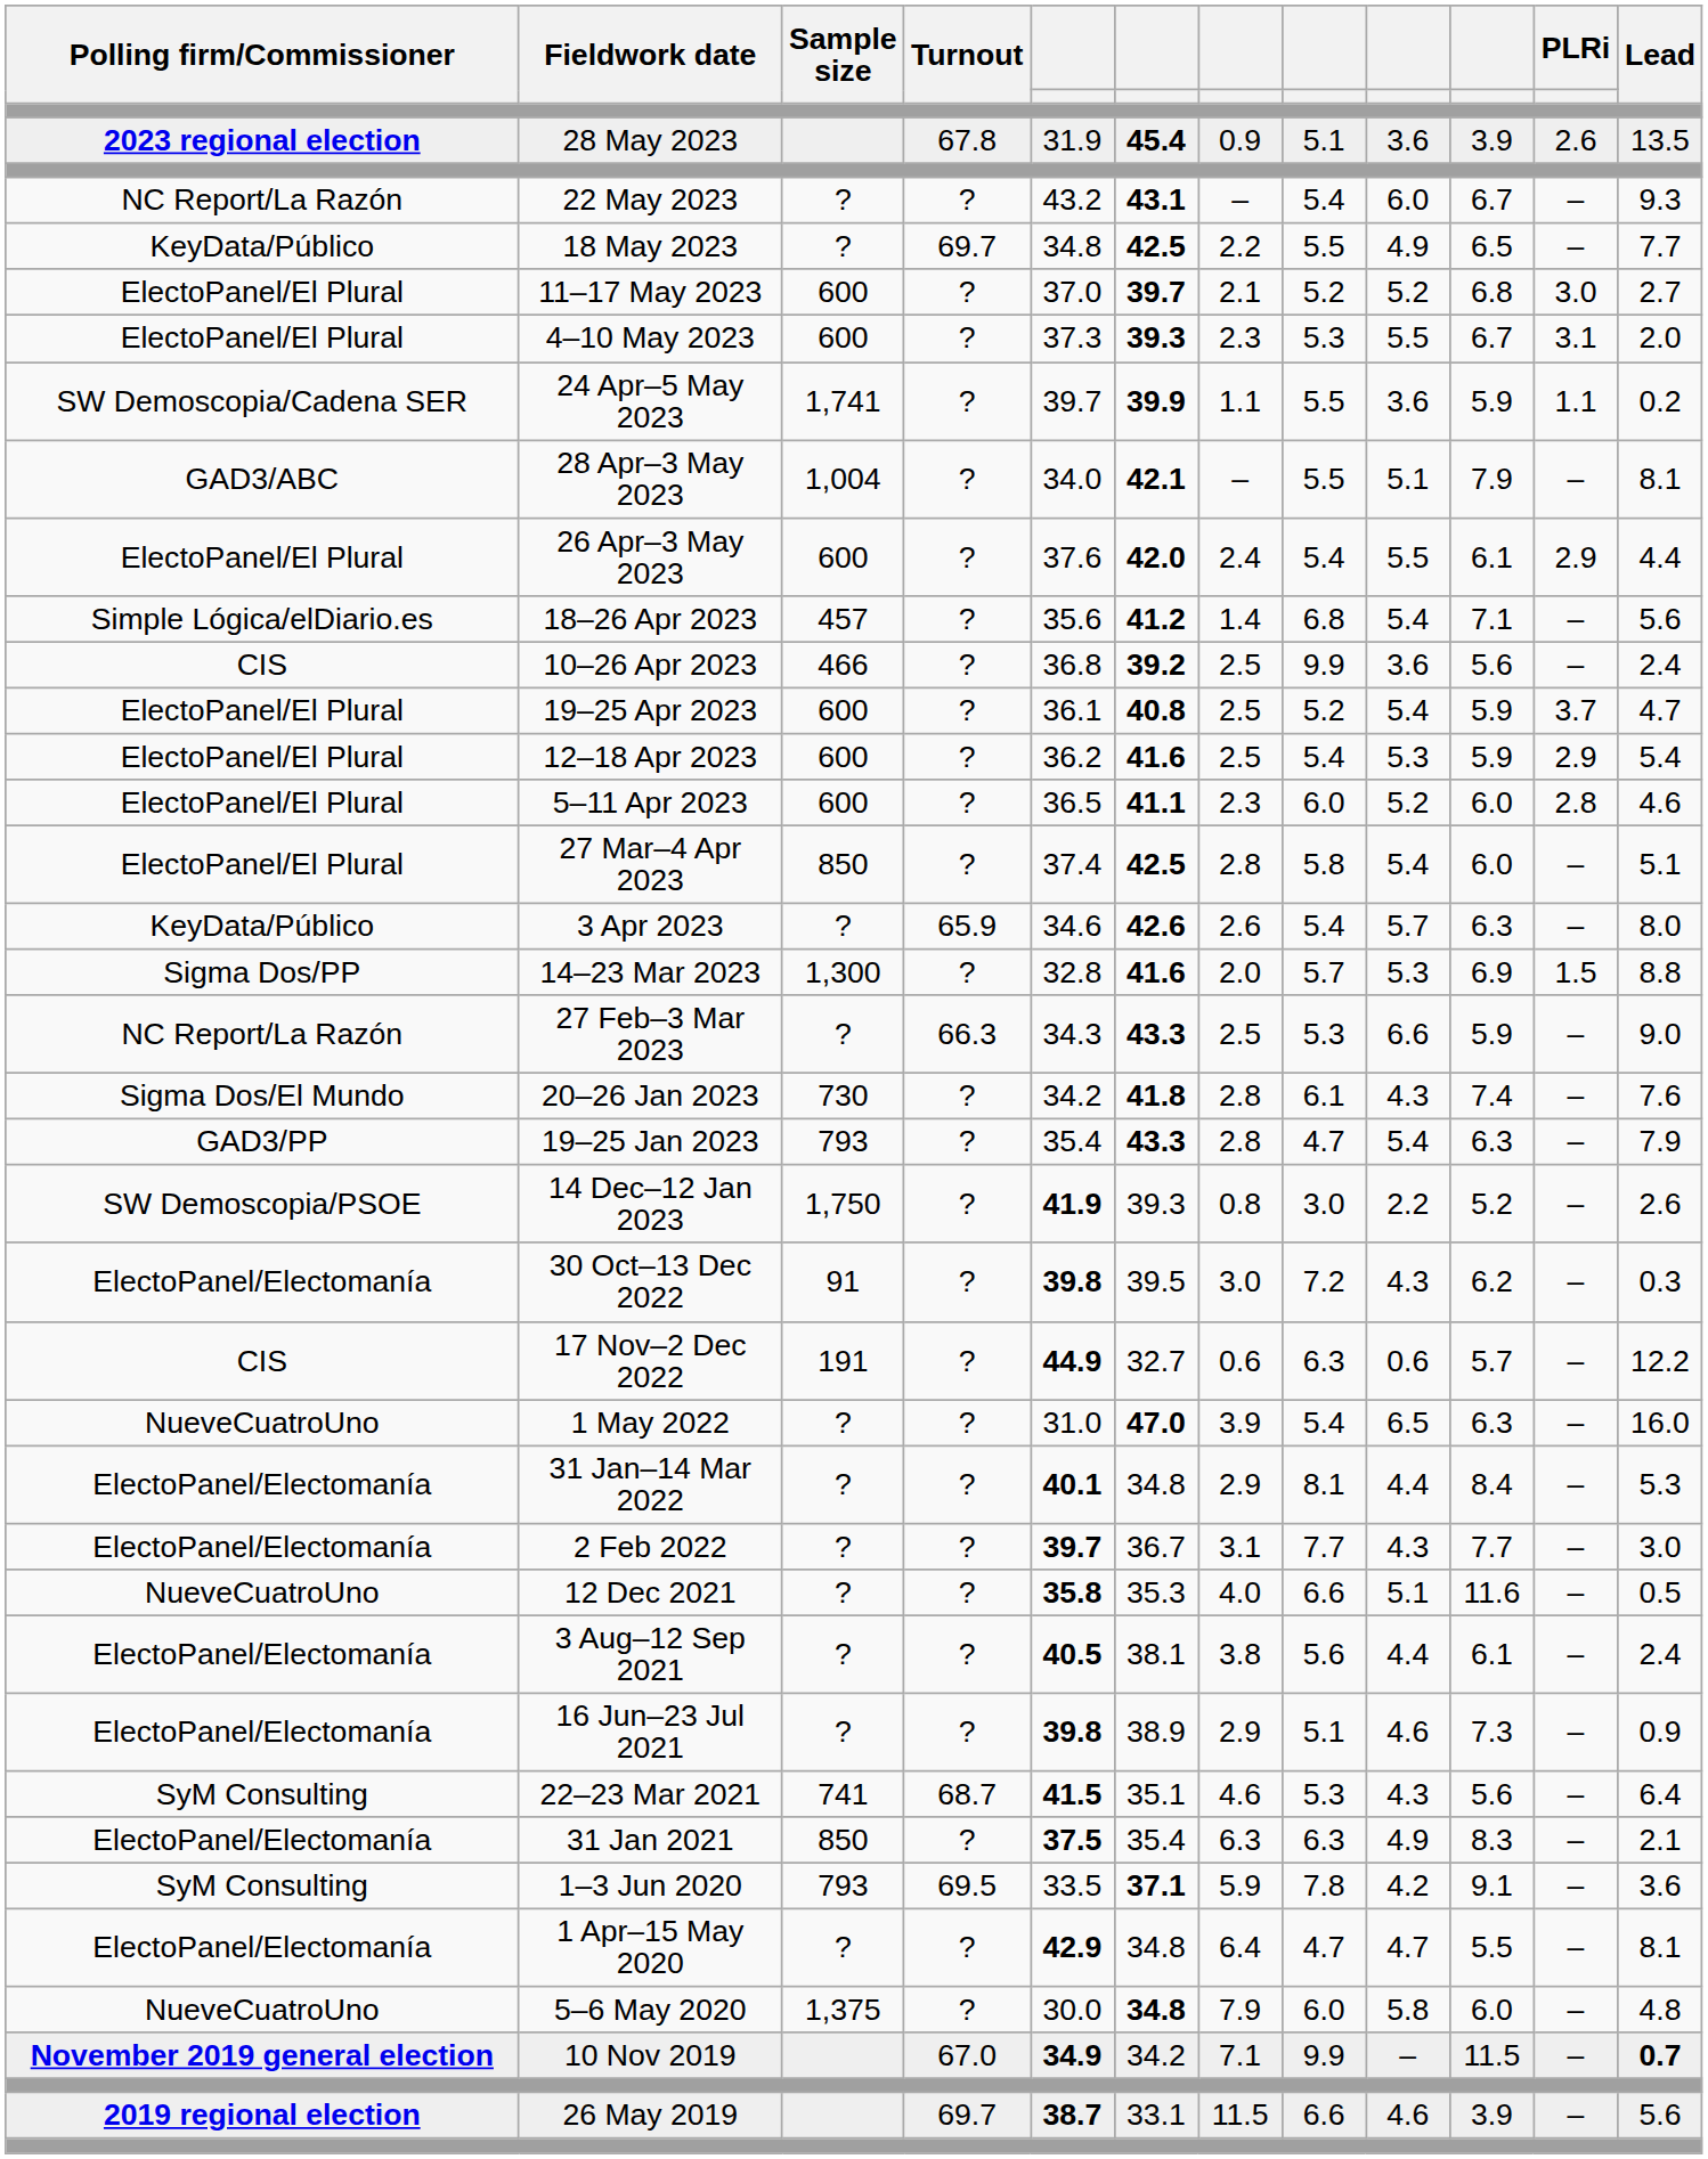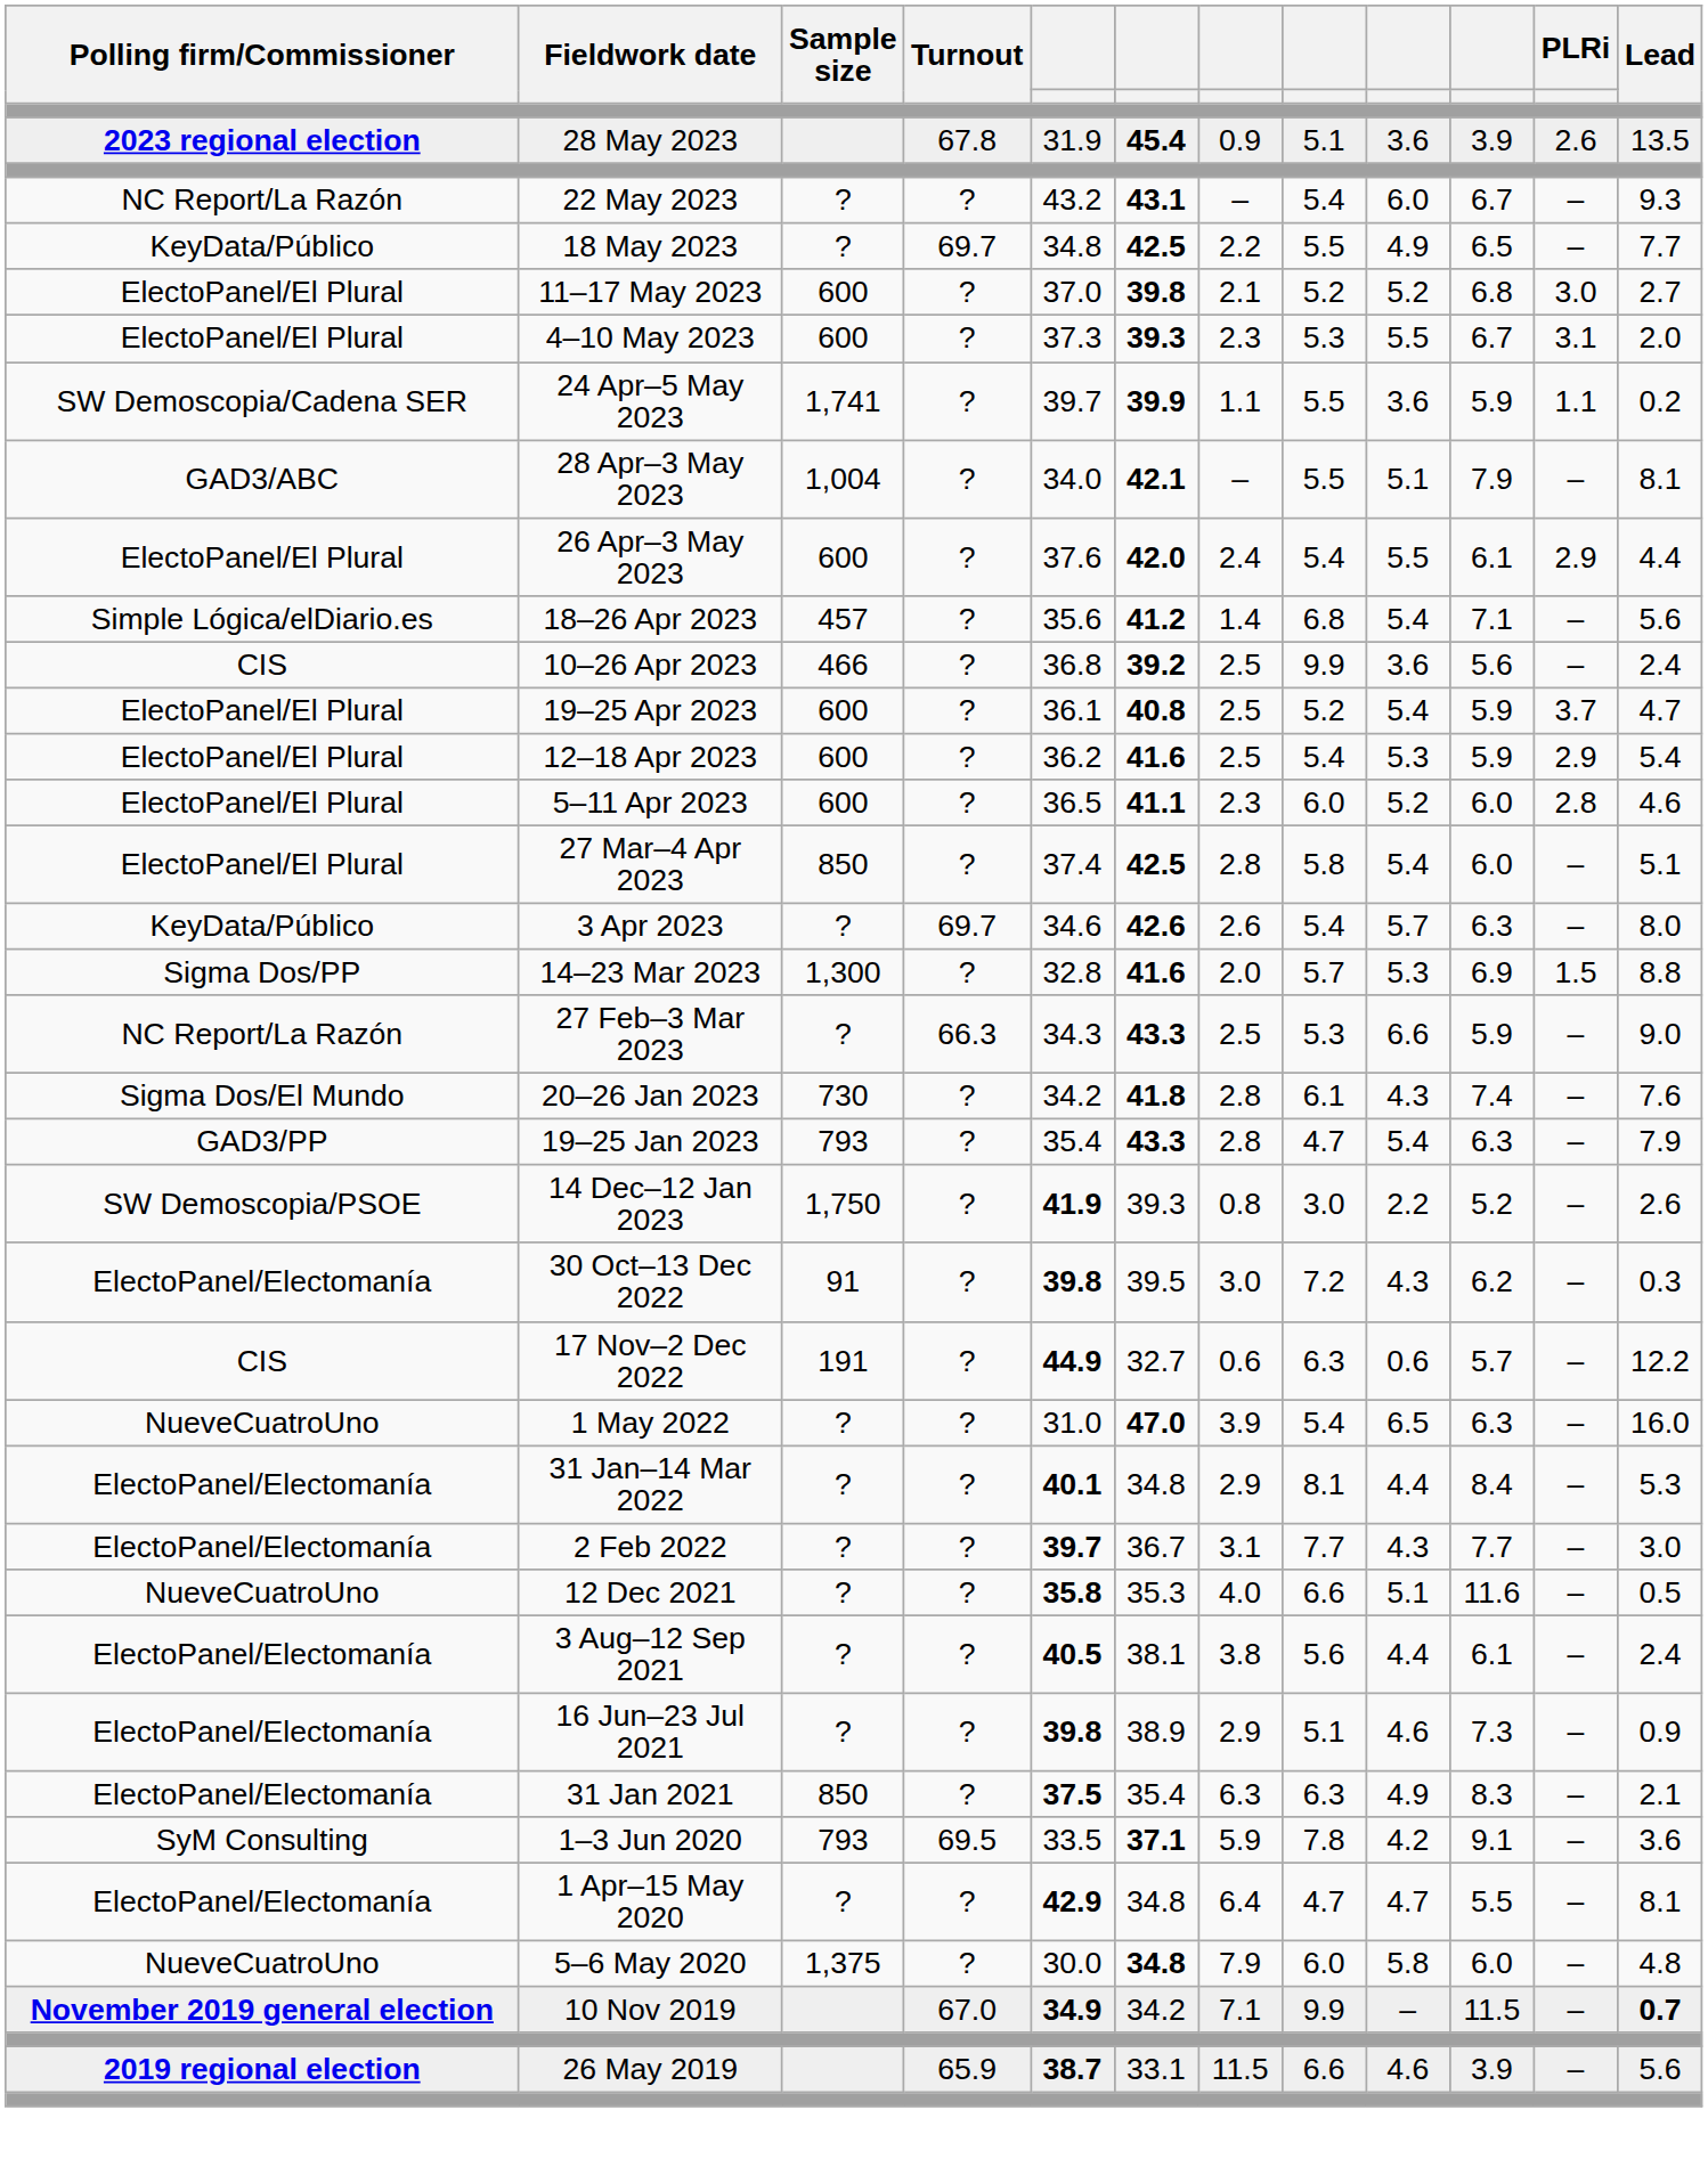 <table class="wikitable collapsible collapsed" style="text-align:center; font-size:95%; line-height:16px;">
 <tr style="height:42px;">
 <th style="width:250px;" rowspan="2">Polling firm/Commissioner</th>
 <th style="width:125px;" rowspan="2">Fieldwork date</th>
 <th style="width:50px;" rowspan="2">Sample size</th>
 <th style="width:45px;" rowspan="2">Turnout</th>
 <th style="width:35px;"></th>
 <th style="width:35px;"></th>
 <th style="width:35px;"></th>
 <th style="width:35px;"></th>
 <th style="width:35px;"></th>
 <th style="width:35px;"></th>
 <th style="width:35px;">PLRi</th>
 <th style="width:30px;" rowspan="2">Lead</th>
 </tr>
 <tr>
 <th style="color:inherit;background:"></th>
 <th style="color:inherit;background:"></th>
 <th style="color:inherit;background:"></th>
 <th style="color:inherit;background:"></th>
 <th style="color:inherit;background:"></th>
 <th style="color:inherit;background:"></th>
 <th style="color:inherit;background:"></th>
 </tr>
 <tr>
 <td colspan="12" style="background:#A0A0A0"></td>
 </tr>
 <tr style="background:#EFEFEF;">
 <td><strong><a href='#'>2023 regional election</a></strong></td>
 <td>28 May 2023</td>
 <td></td>
 <td>67.8</td>
 <td>31.9<br></td>
 <td><strong>45.4</strong><br></td>
 <td>0.9<br></td>
 <td>5.1<br></td>
 <td>3.6<br></td>
 <td>3.9<br></td>
 <td>2.6<br></td>
 <td style="background:">13.5</td>
 </tr>
 <tr>
 <td colspan="12" style="background:#A0A0A0"></td>
 </tr>
 <tr>
 <td>NC Report/La Razón</td>
 <td>22 May 2023</td>
 <td>?</td>
 <td>?</td>
 <td>43.2<br></td>
 <td><strong>43.1</strong><br></td>
 <td>–</td>
 <td>5.4<br></td>
 <td>6.0<br></td>
 <td>6.7<br></td>
 <td>–</td>
 <td style="background:">9.3</td>
 </tr>
 <tr>
 <td>KeyData/Público</td>
 <td>18 May 2023</td>
 <td>?</td>
 <td>69.7</td>
 <td>34.8<br></td>
 <td><strong>42.5</strong><br></td>
 <td>2.2<br></td>
 <td>5.5<br></td>
 <td>4.9<br></td>
 <td>6.5<br></td>
 <td>–</td>
 <td style="background:">7.7</td>
 </tr>
 <tr>
 <td>ElectoPanel/El Plural</td>
 <td>11–17 May 2023</td>
 <td>600</td>
 <td>?</td>
 <td>37.0<br></td>
-<td><strong>39.7</strong><br></td>
+<td><strong>39.8</strong><br></td>
 <td>2.1<br></td>
 <td>5.2<br></td>
 <td>5.2<br></td>
 <td>6.8<br></td>
 <td>3.0<br></td>
 <td style="background:">2.7</td>
 </tr>
 <tr>
 <td>ElectoPanel/El Plural</td>
 <td>4–10 May 2023</td>
 <td>600</td>
 <td>?</td>
 <td>37.3<br></td>
 <td><strong>39.3</strong><br></td>
 <td>2.3<br></td>
 <td>5.3<br></td>
 <td>5.5<br></td>
 <td>6.7<br></td>
 <td>3.1<br></td>
 <td style="background:">2.0</td>
 </tr>
 <tr>
 <td>SW Demoscopia/Cadena SER</td>
 <td>24 Apr–5 May 2023</td>
 <td>1,741</td>
 <td>?</td>
 <td>39.7</td>
 <td><strong>39.9</strong></td>
 <td>1.1</td>
 <td>5.5</td>
 <td>3.6</td>
 <td>5.9</td>
 <td>1.1</td>
 <td style="background:">0.2</td>
 </tr>
 <tr>
 <td>GAD3/ABC</td>
 <td>28 Apr–3 May 2023</td>
 <td>1,004</td>
 <td>?</td>
 <td>34.0<br></td>
 <td><strong>42.1</strong><br></td>
 <td>–</td>
 <td>5.5<br></td>
 <td>5.1<br></td>
 <td>7.9<br></td>
 <td>–</td>
 <td style="background:">8.1</td>
 </tr>
 <tr>
 <td>ElectoPanel/El Plural</td>
 <td>26 Apr–3 May 2023</td>
 <td>600</td>
 <td>?</td>
 <td>37.6<br></td>
 <td><strong>42.0</strong><br></td>
 <td>2.4<br></td>
 <td>5.4<br></td>
 <td>5.5<br></td>
 <td>6.1<br></td>
 <td>2.9<br></td>
 <td style="background:">4.4</td>
 </tr>
 <tr>
 <td>Simple Lógica/elDiario.es</td>
 <td>18–26 Apr 2023</td>
 <td>457</td>
 <td>?</td>
 <td>35.6<br></td>
 <td><strong>41.2</strong><br></td>
 <td>1.4<br></td>
 <td>6.8<br></td>
 <td>5.4<br></td>
 <td>7.1<br></td>
 <td>–</td>
 <td style="background:">5.6</td>
 </tr>
 <tr>
 <td>CIS</td>
 <td>10–26 Apr 2023</td>
 <td>466</td>
 <td>?</td>
 <td>36.8<br></td>
 <td><strong>39.2</strong><br></td>
 <td>2.5<br></td>
 <td>9.9<br></td>
 <td>3.6<br></td>
 <td>5.6<br></td>
 <td>–</td>
 <td style="background:">2.4</td>
 </tr>
 <tr>
 <td>ElectoPanel/El Plural</td>
 <td>19–25 Apr 2023</td>
 <td>600</td>
 <td>?</td>
 <td>36.1<br></td>
 <td><strong>40.8</strong><br></td>
 <td>2.5<br></td>
 <td>5.2<br></td>
 <td>5.4<br></td>
 <td>5.9<br></td>
 <td>3.7<br></td>
 <td style="background:">4.7</td>
 </tr>
 <tr>
 <td>ElectoPanel/El Plural</td>
 <td>12–18 Apr 2023</td>
 <td>600</td>
 <td>?</td>
 <td>36.2<br></td>
 <td><strong>41.6</strong><br></td>
 <td>2.5<br></td>
 <td>5.4<br></td>
 <td>5.3<br></td>
 <td>5.9<br></td>
 <td>2.9<br></td>
 <td style="background:">5.4</td>
 </tr>
 <tr>
 <td>ElectoPanel/El Plural</td>
 <td>5–11 Apr 2023</td>
 <td>600</td>
 <td>?</td>
 <td>36.5<br></td>
 <td><strong>41.1</strong><br></td>
 <td>2.3<br></td>
 <td>6.0<br></td>
 <td>5.2<br></td>
 <td>6.0<br></td>
 <td>2.8<br></td>
 <td style="background:">4.6</td>
 </tr>
 <tr>
 <td>ElectoPanel/El Plural</td>
 <td>27 Mar–4 Apr 2023</td>
 <td>850</td>
 <td>?</td>
 <td>37.4<br></td>
 <td><strong>42.5</strong><br></td>
 <td>2.8<br></td>
 <td>5.8<br></td>
 <td>5.4<br></td>
 <td>6.0<br></td>
 <td>–</td>
 <td style="background:">5.1</td>
 </tr>
 <tr>
 <td>KeyData/Público</td>
 <td>3 Apr 2023</td>
 <td>?</td>
-<td>65.9</td>
+<td>69.7</td>
 <td>34.6<br></td>
 <td><strong>42.6</strong><br></td>
 <td>2.6<br></td>
 <td>5.4<br></td>
 <td>5.7<br></td>
 <td>6.3<br></td>
 <td>–</td>
 <td style="background:">8.0</td>
 </tr>
 <tr>
 <td>Sigma Dos/PP</td>
 <td>14–23 Mar 2023</td>
 <td>1,300</td>
 <td>?</td>
 <td>32.8<br></td>
 <td><strong>41.6</strong><br></td>
 <td>2.0<br></td>
 <td>5.7<br></td>
 <td>5.3<br></td>
 <td>6.9<br></td>
 <td>1.5<br></td>
 <td style="background:">8.8</td>
 </tr>
 <tr>
 <td>NC Report/La Razón</td>
 <td>27 Feb–3 Mar 2023</td>
 <td>?</td>
 <td>66.3</td>
 <td>34.3<br></td>
 <td><strong>43.3</strong><br></td>
 <td>2.5<br></td>
 <td>5.3<br></td>
 <td>6.6<br></td>
 <td>5.9<br></td>
 <td>–</td>
 <td style="background:">9.0</td>
 </tr>
 <tr>
 <td>Sigma Dos/El Mundo</td>
 <td>20–26 Jan 2023</td>
 <td>730</td>
 <td>?</td>
 <td>34.2<br></td>
 <td><strong>41.8</strong><br></td>
 <td>2.8<br></td>
 <td>6.1<br></td>
 <td>4.3<br></td>
 <td>7.4<br></td>
 <td>–</td>
 <td style="background:">7.6</td>
 </tr>
 <tr>
 <td>GAD3/PP</td>
 <td>19–25 Jan 2023</td>
 <td>793</td>
 <td>?</td>
 <td>35.4<br></td>
 <td><strong>43.3</strong><br></td>
 <td>2.8<br></td>
 <td>4.7<br></td>
 <td>5.4<br></td>
 <td>6.3<br></td>
 <td>–</td>
 <td style="background:">7.9</td>
 </tr>
 <tr>
 <td>SW Demoscopia/PSOE</td>
 <td>14 Dec–12 Jan 2023</td>
 <td>1,750</td>
 <td>?</td>
 <td><strong>41.9</strong></td>
 <td>39.3</td>
 <td>0.8</td>
 <td>3.0</td>
 <td>2.2</td>
 <td>5.2</td>
 <td>–</td>
 <td style="background:">2.6</td>
 </tr>
 <tr>
 <td>ElectoPanel/Electomanía</td>
 <td>30 Oct–13 Dec 2022</td>
 <td>91</td>
 <td>?</td>
 <td><strong>39.8</strong><br></td>
 <td>39.5<br></td>
 <td>3.0<br></td>
 <td>7.2<br></td>
 <td>4.3<br></td>
 <td>6.2<br></td>
 <td>–</td>
 <td style="background:">0.3</td>
 </tr>
 <tr>
 <td>CIS</td>
 <td>17 Nov–2 Dec 2022</td>
 <td>191</td>
 <td>?</td>
 <td><strong>44.9</strong><br></td>
 <td>32.7<br></td>
 <td>0.6<br></td>
 <td>6.3<br></td>
 <td>0.6<br></td>
 <td>5.7<br></td>
 <td>–</td>
 <td style="background:">12.2</td>
 </tr>
 <tr>
 <td>NueveCuatroUno</td>
 <td>1 May 2022</td>
 <td>?</td>
 <td>?</td>
 <td>31.0<br></td>
 <td><strong>47.0</strong><br></td>
 <td>3.9<br></td>
 <td>5.4<br></td>
 <td>6.5<br></td>
 <td>6.3<br></td>
 <td>–</td>
 <td style="background:">16.0</td>
 </tr>
 <tr>
 <td>ElectoPanel/Electomanía</td>
 <td>31 Jan–14 Mar 2022</td>
 <td>?</td>
 <td>?</td>
 <td><strong>40.1</strong><br></td>
 <td>34.8<br></td>
 <td>2.9<br></td>
 <td>8.1<br></td>
 <td>4.4<br></td>
 <td>8.4<br></td>
 <td>–</td>
 <td style="background:">5.3</td>
 </tr>
 <tr>
 <td>ElectoPanel/Electomanía</td>
 <td>2 Feb 2022</td>
 <td>?</td>
 <td>?</td>
 <td><strong>39.7</strong><br></td>
 <td>36.7<br></td>
 <td>3.1<br></td>
 <td>7.7<br></td>
 <td>4.3<br></td>
 <td>7.7<br></td>
 <td>–</td>
 <td style="background:">3.0</td>
 </tr>
 <tr>
 <td>NueveCuatroUno</td>
 <td>12 Dec 2021</td>
 <td>?</td>
 <td>?</td>
 <td><strong>35.8</strong><br></td>
 <td>35.3<br></td>
 <td>4.0<br></td>
 <td>6.6<br></td>
 <td>5.1<br></td>
 <td>11.6<br></td>
 <td>–</td>
 <td style="background:">0.5</td>
 </tr>
 <tr>
 <td>ElectoPanel/Electomanía</td>
 <td>3 Aug–12 Sep 2021</td>
 <td>?</td>
 <td>?</td>
 <td><strong>40.5</strong><br></td>
 <td>38.1<br></td>
 <td>3.8<br></td>
 <td>5.6<br></td>
 <td>4.4<br></td>
 <td>6.1<br></td>
 <td>–</td>
 <td style="background:">2.4</td>
 </tr>
 <tr>
 <td>ElectoPanel/Electomanía</td>
 <td>16 Jun–23 Jul 2021</td>
 <td>?</td>
 <td>?</td>
 <td><strong>39.8</strong><br></td>
 <td>38.9<br></td>
 <td>2.9<br></td>
 <td>5.1<br></td>
 <td>4.6<br></td>
 <td>7.3<br></td>
 <td>–</td>
 <td style="background:">0.9</td>
 </tr>
 <tr>
-<td>SyM Consulting</td>
-<td>22–23 Mar 2021</td>
-<td>741</td>
-<td>68.7</td>
-<td><strong>41.5</strong><br></td>
-<td>35.1<br></td>
-<td>4.6<br></td>
-<td>5.3<br></td>
-<td>4.3<br></td>
-<td>5.6<br></td>
-<td>–</td>
-<td style="background:">6.4</td>
-</tr>
-<tr>
 <td>ElectoPanel/Electomanía</td>
 <td>31 Jan 2021</td>
 <td>850</td>
 <td>?</td>
 <td><strong>37.5</strong><br></td>
 <td>35.4<br></td>
 <td>6.3<br></td>
 <td>6.3<br></td>
 <td>4.9<br></td>
 <td>8.3<br></td>
 <td>–</td>
 <td style="background:">2.1</td>
 </tr>
 <tr>
 <td>SyM Consulting</td>
 <td>1–3 Jun 2020</td>
 <td>793</td>
 <td>69.5</td>
 <td>33.5<br></td>
 <td><strong>37.1</strong><br></td>
 <td>5.9<br></td>
 <td>7.8<br></td>
 <td>4.2<br></td>
 <td>9.1<br></td>
 <td>–</td>
 <td style="background:">3.6</td>
 </tr>
 <tr>
 <td>ElectoPanel/Electomanía</td>
 <td>1 Apr–15 May 2020</td>
 <td>?</td>
 <td>?</td>
 <td><strong>42.9</strong><br></td>
 <td>34.8<br></td>
 <td>6.4<br></td>
 <td>4.7<br></td>
 <td>4.7<br></td>
 <td>5.5<br></td>
 <td>–</td>
 <td style="background:">8.1</td>
 </tr>
 <tr>
 <td>NueveCuatroUno</td>
 <td>5–6 May 2020</td>
 <td>1,375</td>
 <td>?</td>
 <td>30.0<br></td>
 <td><strong>34.8</strong><br></td>
 <td>7.9<br></td>
 <td>6.0<br></td>
 <td>5.8<br></td>
 <td>6.0<br></td>
 <td>–</td>
 <td style="background:">4.8</td>
 </tr>
 <tr style="background:#EFEFEF;">
 <td><strong><a href='#'>November 2019 general election</a></strong></td>
 <td>10 Nov 2019</td>
 <td></td>
 <td>67.0</td>
 <td><strong>34.9</strong><br></td>
 <td>34.2<br></td>
 <td>7.1<br></td>
 <td>9.9<br></td>
 <td>–</td>
 <td>11.5<br></td>
 <td>–</td>
 <td style="background:"><strong>0.7</strong></td>
 </tr>
 <tr>
 <td colspan="12" style="background:#A0A0A0"></td>
 </tr>
 <tr style="background:#EFEFEF;">
 <td><strong><a href='#'>2019 regional election</a></strong></td>
 <td>26 May 2019</td>
 <td></td>
-<td>69.7</td>
+<td>65.9</td>
 <td><strong>38.7</strong><br></td>
 <td>33.1<br></td>
 <td>11.5<br></td>
 <td>6.6<br></td>
 <td>4.6<br></td>
 <td>3.9<br></td>
 <td>–</td>
 <td style="background:">5.6</td>
 </tr>
 <tr>
 <td colspan="12" style="background:#A0A0A0"></td>
 </tr>
 </table>
